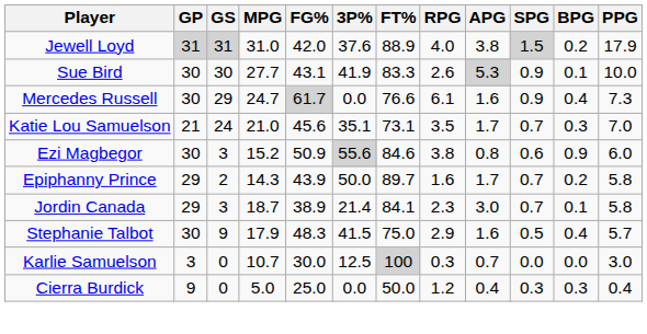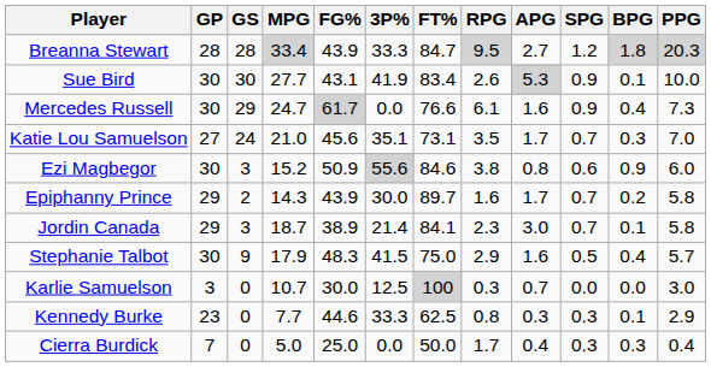 <table class="wikitable sortable" style="text-align:center;">
 <tr>
 <th>Player</th>
 <th>GP</th>
 <th>GS</th>
 <th>MPG</th>
 <th>FG%</th>
 <th>3P%</th>
 <th>FT%</th>
 <th>RPG</th>
 <th>APG</th>
 <th>SPG</th>
 <th>BPG</th>
 <th>PPG</th>
 </tr>
 <tr>
-<td><a href='#'>Jewell Loyd</a></td>
-<td style="background:#D3D3D3;">31</td>
-<td style="background:#D3D3D3;">31</td>
-<td>31.0</td>
-<td>42.0</td>
-<td>37.6</td>
-<td>88.9</td>
-<td>4.0</td>
-<td>3.8</td>
-<td style="background:#D3D3D3;">1.5</td>
-<td>0.2</td>
-<td>17.9</td>
+<td><a href='#'>Breanna Stewart</a></td>
+<td>28</td>
+<td>28</td>
+<td style="background:#D3D3D3;">33.4</td>
+<td>43.9</td>
+<td>33.3</td>
+<td>84.7</td>
+<td style="background:#D3D3D3;">9.5</td>
+<td>2.7</td>
+<td>1.2</td>
+<td style="background:#D3D3D3;">1.8</td>
+<td style="background:#D3D3D3;">20.3</td>
 </tr>
 <tr>
 <td><a href='#'>Sue Bird</a></td>
 <td>30</td>
 <td>30</td>
 <td>27.7</td>
 <td>43.1</td>
 <td>41.9</td>
-<td>83.3</td>
+<td>83.4</td>
 <td>2.6</td>
 <td style="background:#D3D3D3;">5.3</td>
 <td>0.9</td>
 <td>0.1</td>
 <td>10.0</td>
 </tr>
 <tr>
 <td><a href='#'>Mercedes Russell</a></td>
 <td>30</td>
 <td>29</td>
 <td>24.7</td>
 <td style="background:#D3D3D3;">61.7</td>
 <td>0.0</td>
 <td>76.6</td>
 <td>6.1</td>
 <td>1.6</td>
 <td>0.9</td>
 <td>0.4</td>
 <td>7.3</td>
 </tr>
 <tr>
 <td><a href='#'>Katie Lou Samuelson</a></td>
-<td>21</td>
+<td>27</td>
 <td>24</td>
 <td>21.0</td>
 <td>45.6</td>
 <td>35.1</td>
 <td>73.1</td>
 <td>3.5</td>
 <td>1.7</td>
 <td>0.7</td>
 <td>0.3</td>
 <td>7.0</td>
 </tr>
 <tr>
 <td><a href='#'>Ezi Magbegor</a></td>
 <td>30</td>
 <td>3</td>
 <td>15.2</td>
 <td>50.9</td>
 <td style="background:#D3D3D3;">55.6</td>
 <td>84.6</td>
 <td>3.8</td>
 <td>0.8</td>
 <td>0.6</td>
 <td>0.9</td>
 <td>6.0</td>
 </tr>
 <tr>
 <td><a href='#'>Epiphanny Prince</a></td>
 <td>29</td>
 <td>2</td>
 <td>14.3</td>
 <td>43.9</td>
-<td>50.0</td>
+<td>30.0</td>
 <td>89.7</td>
 <td>1.6</td>
 <td>1.7</td>
 <td>0.7</td>
 <td>0.2</td>
 <td>5.8</td>
 </tr>
 <tr>
 <td><a href='#'>Jordin Canada</a></td>
 <td>29</td>
 <td>3</td>
 <td>18.7</td>
 <td>38.9</td>
 <td>21.4</td>
 <td>84.1</td>
 <td>2.3</td>
 <td>3.0</td>
 <td>0.7</td>
 <td>0.1</td>
 <td>5.8</td>
 </tr>
 <tr>
 <td><a href='#'>Stephanie Talbot</a></td>
 <td>30</td>
 <td>9</td>
 <td>17.9</td>
 <td>48.3</td>
 <td>41.5</td>
 <td>75.0</td>
 <td>2.9</td>
 <td>1.6</td>
 <td>0.5</td>
 <td>0.4</td>
 <td>5.7</td>
 </tr>
 <tr>
 <td><a href='#'>Karlie Samuelson</a></td>
 <td>3</td>
 <td>0</td>
 <td>10.7</td>
 <td>30.0</td>
 <td>12.5</td>
 <td style="background:#D3D3D3;">100</td>
 <td>0.3</td>
 <td>0.7</td>
 <td>0.0</td>
 <td>0.0</td>
 <td>3.0</td>
 </tr>
 <tr>
+<td><a href='#'>Kennedy Burke</a></td>
+<td>23</td>
+<td>0</td>
+<td>7.7</td>
+<td>44.6</td>
+<td>33.3</td>
+<td>62.5</td>
+<td>0.8</td>
+<td>0.3</td>
+<td>0.3</td>
+<td>0.1</td>
+<td>2.9</td>
+</tr>
+<tr>
 <td><a href='#'>Cierra Burdick</a></td>
-<td>9</td>
+<td>7</td>
 <td>0</td>
 <td>5.0</td>
 <td>25.0</td>
 <td>0.0</td>
 <td>50.0</td>
-<td>1.2</td>
+<td>1.7</td>
 <td>0.4</td>
 <td>0.3</td>
 <td>0.3</td>
 <td>0.4</td>
 </tr>
 </table>
